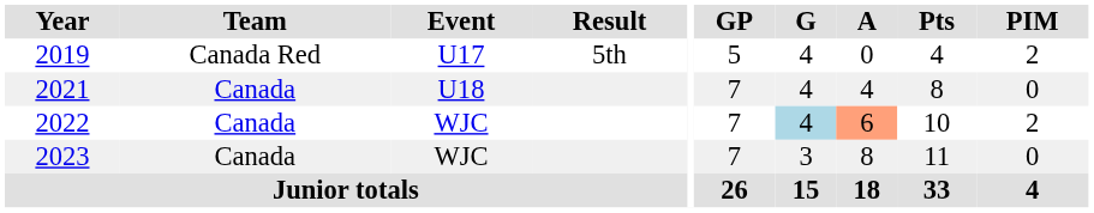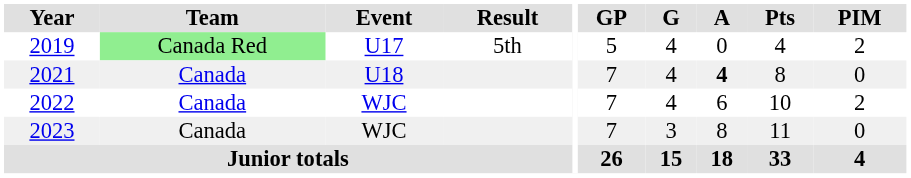 <table border="0" cellpadding="1" cellspacing="0" ID="Table3" style="text-align:center; width:40em;">
 <tr bgcolor="#e0e0e0">
 <th>Year</th>
 <th>Team</th>
 <th>Event</th>
 <th>Result</th>
 <th rowspan="102" bgcolor="#ffffff"></th>
 <th>GP</th>
 <th>G</th>
 <th>A</th>
 <th>Pts</th>
 <th>PIM</th>
 </tr>
 <tr>
 <td><a href='#'>2019</a></td>
-<td>Canada Red</td>
+<td style="background: lightgreen;">Canada Red</td>
 <td><a href='#'>U17</a></td>
 <td>5th</td>
 <td>5</td>
 <td>4</td>
 <td>0</td>
 <td>4</td>
 <td>2</td>
 </tr>
 <tr bgcolor="#f0f0f0">
 <td><a href='#'>2021</a></td>
 <td><a href='#'>Canada</a></td>
 <td><a href='#'>U18</a></td>
 <td></td>
 <td>7</td>
 <td>4</td>
-<td>4</td>
+<td><strong>4</strong></td>
 <td>8</td>
 <td>0</td>
 </tr>
 <tr>
 <td><a href='#'>2022</a></td>
 <td><a href='#'>Canada</a></td>
 <td><a href='#'>WJC</a></td>
 <td></td>
 <td>7</td>
-<td style="background: lightblue;">4</td>
-<td style="background: lightsalmon;">6</td>
+<td>4</td>
+<td>6</td>
 <td>10</td>
 <td>2</td>
 </tr>
 <tr bgcolor="#f0f0f0">
 <td><a href='#'>2023</a></td>
 <td>Canada</td>
 <td>WJC</td>
 <td></td>
 <td>7</td>
 <td>3</td>
 <td>8</td>
 <td>11</td>
 <td>0</td>
 </tr>
 <tr bgcolor="#e0e0e0">
 <th colspan="4">Junior totals</th>
 <th>26</th>
 <th>15</th>
 <th>18</th>
 <th>33</th>
 <th>4</th>
 </tr>
 </table>
